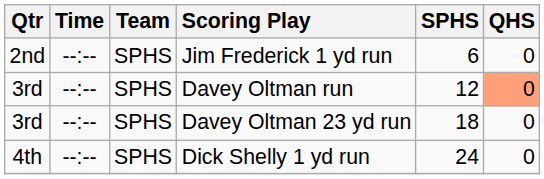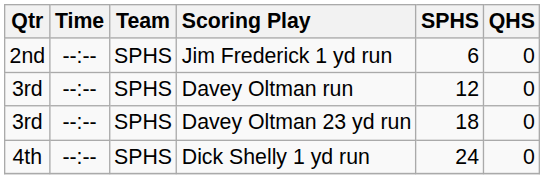 <table class="wikitable">
 <tr>
 <th style="text-align: center;">Qtr</th>
 <th style="text-align: center;">Time</th>
 <th style="text-align: center;">Team</th>
 <th style="text-align: left;">Scoring Play</th>
 <th style="text-align: right;">SPHS</th>
 <th style="text-align: right;">QHS</th>
 </tr>
 <tr>
 <td style="text-align: center;">2nd</td>
 <td style="text-align: center;">--:--</td>
 <td style="text-align: center;">SPHS</td>
 <td style="text-align: left;">Jim Frederick 1 yd run</td>
 <td style="text-align: right;">6</td>
 <td style="text-align: right;">0</td>
 </tr>
 <tr>
 <td style="text-align: center;">3rd</td>
 <td style="text-align: center;">--:--</td>
 <td style="text-align: center;">SPHS</td>
 <td style="text-align: left;">Davey Oltman run</td>
 <td style="text-align: right;">12</td>
-<td style="background: lightsalmon; text-align: right;">0</td>
+<td style="text-align: right;">0</td>
 </tr>
 <tr>
 <td style="text-align: center;">3rd</td>
 <td style="text-align: center;">--:--</td>
 <td style="text-align: center;">SPHS</td>
 <td style="text-align: left;">Davey Oltman 23 yd run</td>
 <td style="text-align: right;">18</td>
 <td style="text-align: right;">0</td>
 </tr>
 <tr>
 <td style="text-align: center;">4th</td>
 <td style="text-align: center;">--:--</td>
 <td style="text-align: center;">SPHS</td>
 <td style="text-align: left;">Dick Shelly 1 yd run</td>
 <td style="text-align: right;">24</td>
 <td style="text-align: right;">0</td>
 </tr>
 <tr>
 </tr>
 </table>
